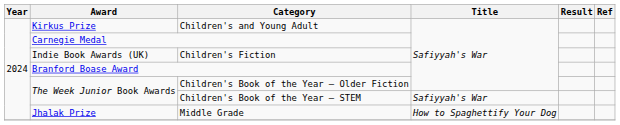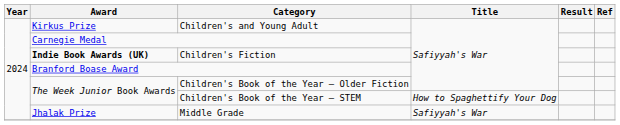 <table class="wikitable sortable">
 <tr>
 <th>Year</th>
 <th>Award</th>
 <th>Category</th>
 <th>Title</th>
 <th>Result</th>
 <th>Ref</th>
 </tr>
 <tr>
 <td rowspan="7">2024</td>
 <td><a href='#'>Kirkus Prize</a></td>
 <td>Children's and Young Adult</td>
 <td rowspan="5"><em>Safiyyah's War</em></td>
 <td></td>
 <td></td>
 </tr>
 <tr>
 <td colspan="2"><a href='#'>Carnegie Medal</a></td>
 <td></td>
 <td></td>
 </tr>
 <tr>
-<td>Indie Book Awards (UK)</td>
+<td><strong>Indie Book Awards (UK)</strong></td>
 <td>Children's Fiction</td>
 <td></td>
 <td></td>
 </tr>
 <tr>
 <td colspan="2"><a href='#'>Branford Boase Award</a></td>
 <td></td>
 <td></td>
 </tr>
 <tr>
 <td rowspan="2"><em>The Week Junior</em> Book Awards</td>
 <td>Children's Book of the Year – Older Fiction</td>
 <td></td>
 <td></td>
 </tr>
 <tr>
 <td>Children's Book of the Year – STEM</td>
-<td><em>Safiyyah's War</em></td>
+<td><em>How to Spaghettify Your Dog</em></td>
 <td></td>
 <td></td>
 </tr>
 <tr>
 <td><a href='#'>Jhalak Prize</a></td>
 <td>Middle Grade</td>
-<td><em>How to Spaghettify Your Dog</em></td>
+<td><em>Safiyyah's War</em></td>
 <td></td>
 <td></td>
 </tr>
 <tr>
 </tr>
 </table>
